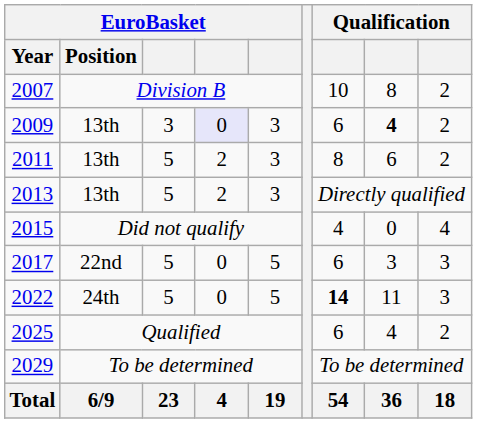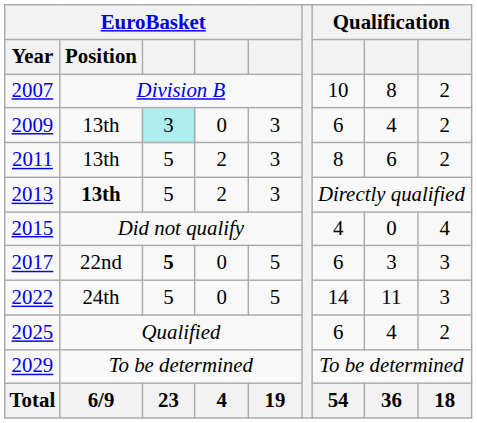 <table class="wikitable" style="text-align: center;font-size:90%;">
 <tr>
 <th colspan=5><a href='#'>EuroBasket</a></th>
 <th rowspan=12></th>
 <th colspan=3>Qualification</th>
 </tr>
 <tr>
 <th>Year</th>
 <th>Position</th>
 <th width=30></th>
 <th width=30></th>
 <th width=30></th>
 <th width=30></th>
 <th width=30></th>
 <th width=30></th>
 </tr>
 <tr>
 <td> <a href='#'>2007</a></td>
 <td colspan=4><em><a href='#'>Division B</a></em></td>
 <td>10</td>
 <td>8</td>
 <td>2</td>
 </tr>
 <tr>
 <td> <a href='#'>2009</a></td>
 <td>13th</td>
-<td>3</td>
-<td style="background: lavender;">0</td>
+<td style="background: paleturquoise;">3</td>
+<td>0</td>
 <td>3</td>
 <td>6</td>
-<td><strong>4</strong></td>
+<td>4</td>
 <td>2</td>
 </tr>
 <tr>
 <td> <a href='#'>2011</a></td>
 <td>13th</td>
 <td>5</td>
 <td>2</td>
 <td>3</td>
 <td>8</td>
 <td>6</td>
 <td>2</td>
 </tr>
 <tr>
 <td> <a href='#'>2013</a></td>
-<td>13th</td>
+<td><strong>13th</strong></td>
 <td>5</td>
 <td>2</td>
 <td>3</td>
 <td colspan=3><em>Directly qualified</em></td>
 </tr>
 <tr>
 <td> <a href='#'>2015</a></td>
 <td colspan=4><em>Did not qualify</em></td>
 <td>4</td>
 <td>0</td>
 <td>4</td>
 </tr>
 <tr>
 <td> <a href='#'>2017</a></td>
 <td>22nd</td>
-<td>5</td>
+<td><strong>5</strong></td>
 <td>0</td>
 <td>5</td>
 <td>6</td>
 <td>3</td>
 <td>3</td>
 </tr>
 <tr>
 <td> <a href='#'>2022</a></td>
 <td>24th</td>
 <td>5</td>
 <td>0</td>
 <td>5</td>
-<td><strong>14</strong></td>
+<td>14</td>
 <td>11</td>
 <td>3</td>
 </tr>
 <tr>
 <td> <a href='#'>2025</a></td>
 <td colspan=4><em>Qualified</em></td>
 <td>6</td>
 <td>4</td>
 <td>2</td>
 </tr>
 <tr>
 <td> <a href='#'>2029</a></td>
 <td colspan=4><em>To be determined</em></td>
 <td colspan=3><em>To be determined</em></td>
 </tr>
 <tr>
 <th>Total</th>
 <th>6/9</th>
 <th>23</th>
 <th>4</th>
 <th>19</th>
 <th>54</th>
 <th>36</th>
 <th>18</th>
 </tr>
 </table>
